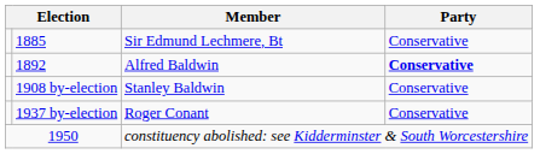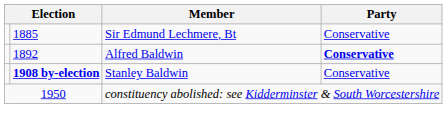 <table class="wikitable">
 <tr>
 <th colspan="2">Election</th>
 <th>Member</th>
 <th>Party</th>
 </tr>
 <tr>
 <td style="color:inherit;background-color: "></td>
 <td><a href='#'>1885</a></td>
 <td><a href='#'>Sir Edmund Lechmere, Bt</a></td>
 <td><a href='#'>Conservative</a></td>
 </tr>
 <tr>
 <td style="color:inherit;background-color: "></td>
 <td><a href='#'>1892</a></td>
 <td><a href='#'>Alfred Baldwin</a></td>
 <td><strong><a href='#'>Conservative</a></strong></td>
 </tr>
 <tr>
 <td style="color:inherit;background-color: "></td>
-<td><a href='#'>1908 by-election</a></td>
+<td><strong><a href='#'>1908 by-election</a></strong></td>
 <td><a href='#'>Stanley Baldwin</a></td>
-<td><a href='#'>Conservative</a></td>
-</tr>
-<tr>
-<td style="color:inherit;background-color: "></td>
-<td><a href='#'>1937 by-election</a></td>
-<td><a href='#'>Roger Conant</a> </td>
 <td><a href='#'>Conservative</a></td>
 </tr>
 <tr>
 <td colspan="2" align="center"><a href='#'>1950</a></td>
 <td colspan="2"><em>constituency abolished: see <a href='#'>Kidderminster</a> & <a href='#'>South Worcestershire</a></em></td>
 </tr>
 </table>
